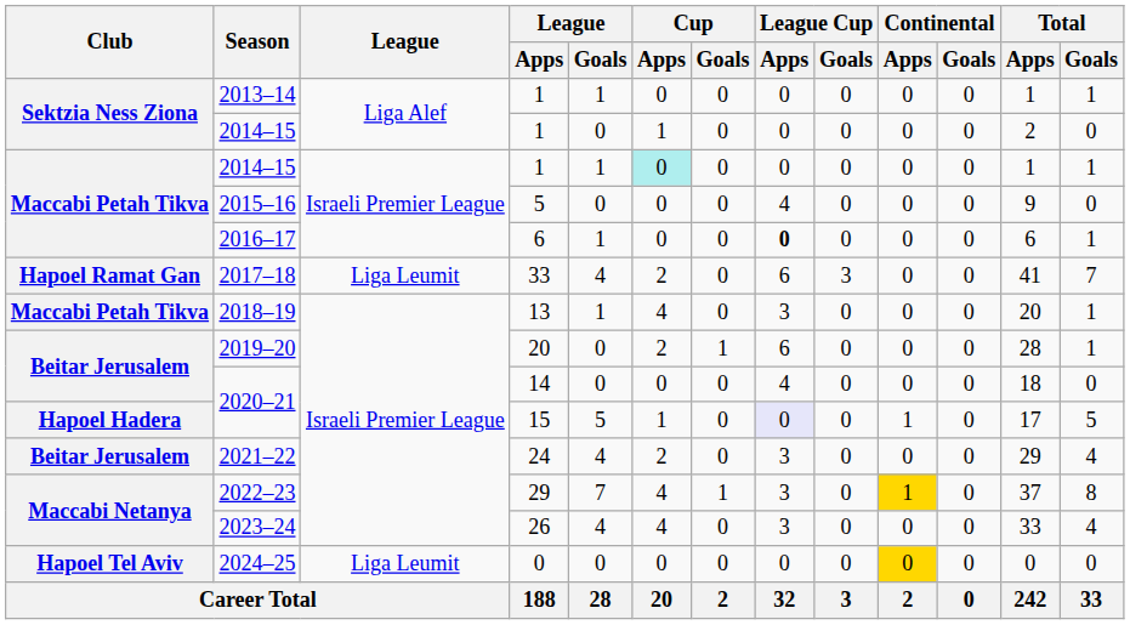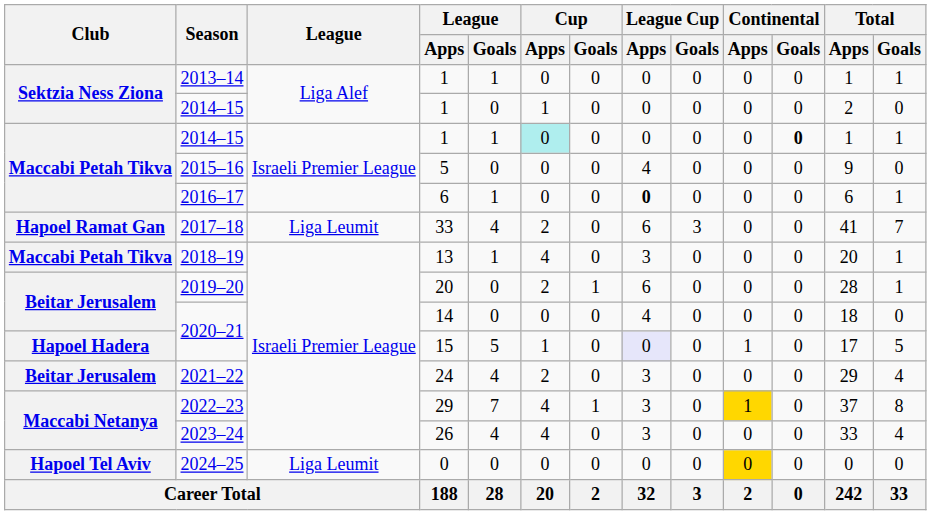 <table class="wikitable" style="font-size:90%; text-align: center;">
 <tr>
 <th rowspan="2">Club</th>
 <th rowspan="2">Season</th>
 <th rowspan="2">League</th>
 <th colspan="2">League</th>
 <th colspan="2">Cup</th>
 <th colspan="2">League Cup</th>
 <th colspan="2">Continental</th>
 <th colspan="2">Total</th>
 </tr>
 <tr>
 <th>Apps</th>
 <th>Goals</th>
 <th>Apps</th>
 <th>Goals</th>
 <th>Apps</th>
 <th>Goals</th>
 <th>Apps</th>
 <th>Goals</th>
 <th>Apps</th>
 <th>Goals</th>
 </tr>
 <tr |-||-||-|>
 <th rowspan="2"><a href='#'>Sektzia Ness Ziona</a></th>
 <td><a href='#'>2013–14</a></td>
 <td rowspan="2"><a href='#'>Liga Alef</a></td>
 <td>1</td>
 <td>1</td>
 <td>0</td>
 <td>0</td>
 <td>0</td>
 <td>0</td>
 <td>0</td>
 <td>0</td>
 <td>1</td>
 <td>1</td>
 </tr>
 <tr>
 <td><a href='#'>2014–15</a></td>
 <td>1</td>
 <td>0</td>
 <td>1</td>
 <td>0</td>
 <td>0</td>
 <td>0</td>
 <td>0</td>
 <td>0</td>
 <td>2</td>
 <td>0</td>
 </tr>
 <tr>
 <th rowspan="3"><a href='#'>Maccabi Petah Tikva</a></th>
 <td><a href='#'>2014–15</a></td>
 <td rowspan="3"><a href='#'>Israeli Premier League</a></td>
 <td>1</td>
 <td>1</td>
 <td style="background: paleturquoise;">0</td>
 <td>0</td>
 <td>0</td>
 <td>0</td>
 <td>0</td>
-<td>0</td>
+<td><strong>0</strong></td>
 <td>1</td>
 <td>1</td>
 </tr>
 <tr>
 <td><a href='#'>2015–16</a></td>
 <td>5</td>
 <td>0</td>
 <td>0</td>
 <td>0</td>
 <td>4</td>
 <td>0</td>
 <td>0</td>
 <td>0</td>
 <td>9</td>
 <td>0</td>
 </tr>
 <tr>
 <td><a href='#'>2016–17</a></td>
 <td>6</td>
 <td>1</td>
 <td>0</td>
 <td>0</td>
 <td><strong>0</strong></td>
 <td>0</td>
 <td>0</td>
 <td>0</td>
 <td>6</td>
 <td>1</td>
 </tr>
 <tr>
 <th rowspan="1"><a href='#'>Hapoel Ramat Gan</a></th>
 <td><a href='#'>2017–18</a></td>
 <td rowspan="1"><a href='#'>Liga Leumit</a></td>
 <td>33</td>
 <td>4</td>
 <td>2</td>
 <td>0</td>
 <td>6</td>
 <td>3</td>
 <td>0</td>
 <td>0</td>
 <td>41</td>
 <td>7</td>
 </tr>
 <tr>
 <th rowspan="1"><a href='#'>Maccabi Petah Tikva</a></th>
 <td><a href='#'>2018–19</a></td>
 <td rowspan="7"><a href='#'>Israeli Premier League</a></td>
 <td>13</td>
 <td>1</td>
 <td>4</td>
 <td>0</td>
 <td>3</td>
 <td>0</td>
 <td>0</td>
 <td>0</td>
 <td>20</td>
 <td>1</td>
 </tr>
 <tr>
 <th rowspan="2"><a href='#'>Beitar Jerusalem</a></th>
 <td><a href='#'>2019–20</a></td>
 <td>20</td>
 <td>0</td>
 <td>2</td>
 <td>1</td>
 <td>6</td>
 <td>0</td>
 <td>0</td>
 <td>0</td>
 <td>28</td>
 <td>1</td>
 </tr>
 <tr>
 <td rowspan="2"><a href='#'>2020–21</a></td>
 <td>14</td>
 <td>0</td>
 <td>0</td>
 <td>0</td>
 <td>4</td>
 <td>0</td>
 <td>0</td>
 <td>0</td>
 <td>18</td>
 <td>0</td>
 </tr>
 <tr>
 <th rowspan="1"><a href='#'>Hapoel Hadera</a></th>
 <td>15</td>
 <td>5</td>
 <td>1</td>
 <td>0</td>
 <td style="background: lavender;">0</td>
 <td>0</td>
 <td>1</td>
 <td>0</td>
 <td>17</td>
 <td>5</td>
 </tr>
 <tr>
 <th rowspan="1"><a href='#'>Beitar Jerusalem</a></th>
 <td><a href='#'>2021–22</a></td>
 <td>24</td>
 <td>4</td>
 <td>2</td>
 <td>0</td>
 <td>3</td>
 <td>0</td>
 <td>0</td>
 <td>0</td>
 <td>29</td>
 <td>4</td>
 </tr>
 <tr>
 <th rowspan="2"><a href='#'>Maccabi Netanya</a></th>
 <td><a href='#'>2022–23</a></td>
 <td>29</td>
 <td>7</td>
 <td>4</td>
 <td>1</td>
 <td>3</td>
 <td>0</td>
 <td style="background: gold;">1</td>
 <td>0</td>
 <td>37</td>
 <td>8</td>
 </tr>
 <tr>
 <td><a href='#'>2023–24</a></td>
 <td>26</td>
 <td>4</td>
 <td>4</td>
 <td>0</td>
 <td>3</td>
 <td>0</td>
 <td>0</td>
 <td>0</td>
 <td>33</td>
 <td>4</td>
 </tr>
 <tr>
 <th rowspan="1"><a href='#'>Hapoel Tel Aviv</a></th>
 <td><a href='#'>2024–25</a></td>
 <td rowspan="1"><a href='#'>Liga Leumit</a></td>
 <td>0</td>
 <td>0</td>
 <td>0</td>
 <td>0</td>
 <td>0</td>
 <td>0</td>
 <td style="background: gold;">0</td>
 <td>0</td>
 <td>0</td>
 <td>0</td>
 </tr>
 <tr>
 <th colspan="3">Career Total</th>
 <th>188</th>
 <th>28</th>
 <th>20</th>
 <th>2</th>
 <th>32</th>
 <th>3</th>
 <th>2</th>
 <th>0</th>
 <th>242</th>
 <th>33</th>
 </tr>
 </table>
